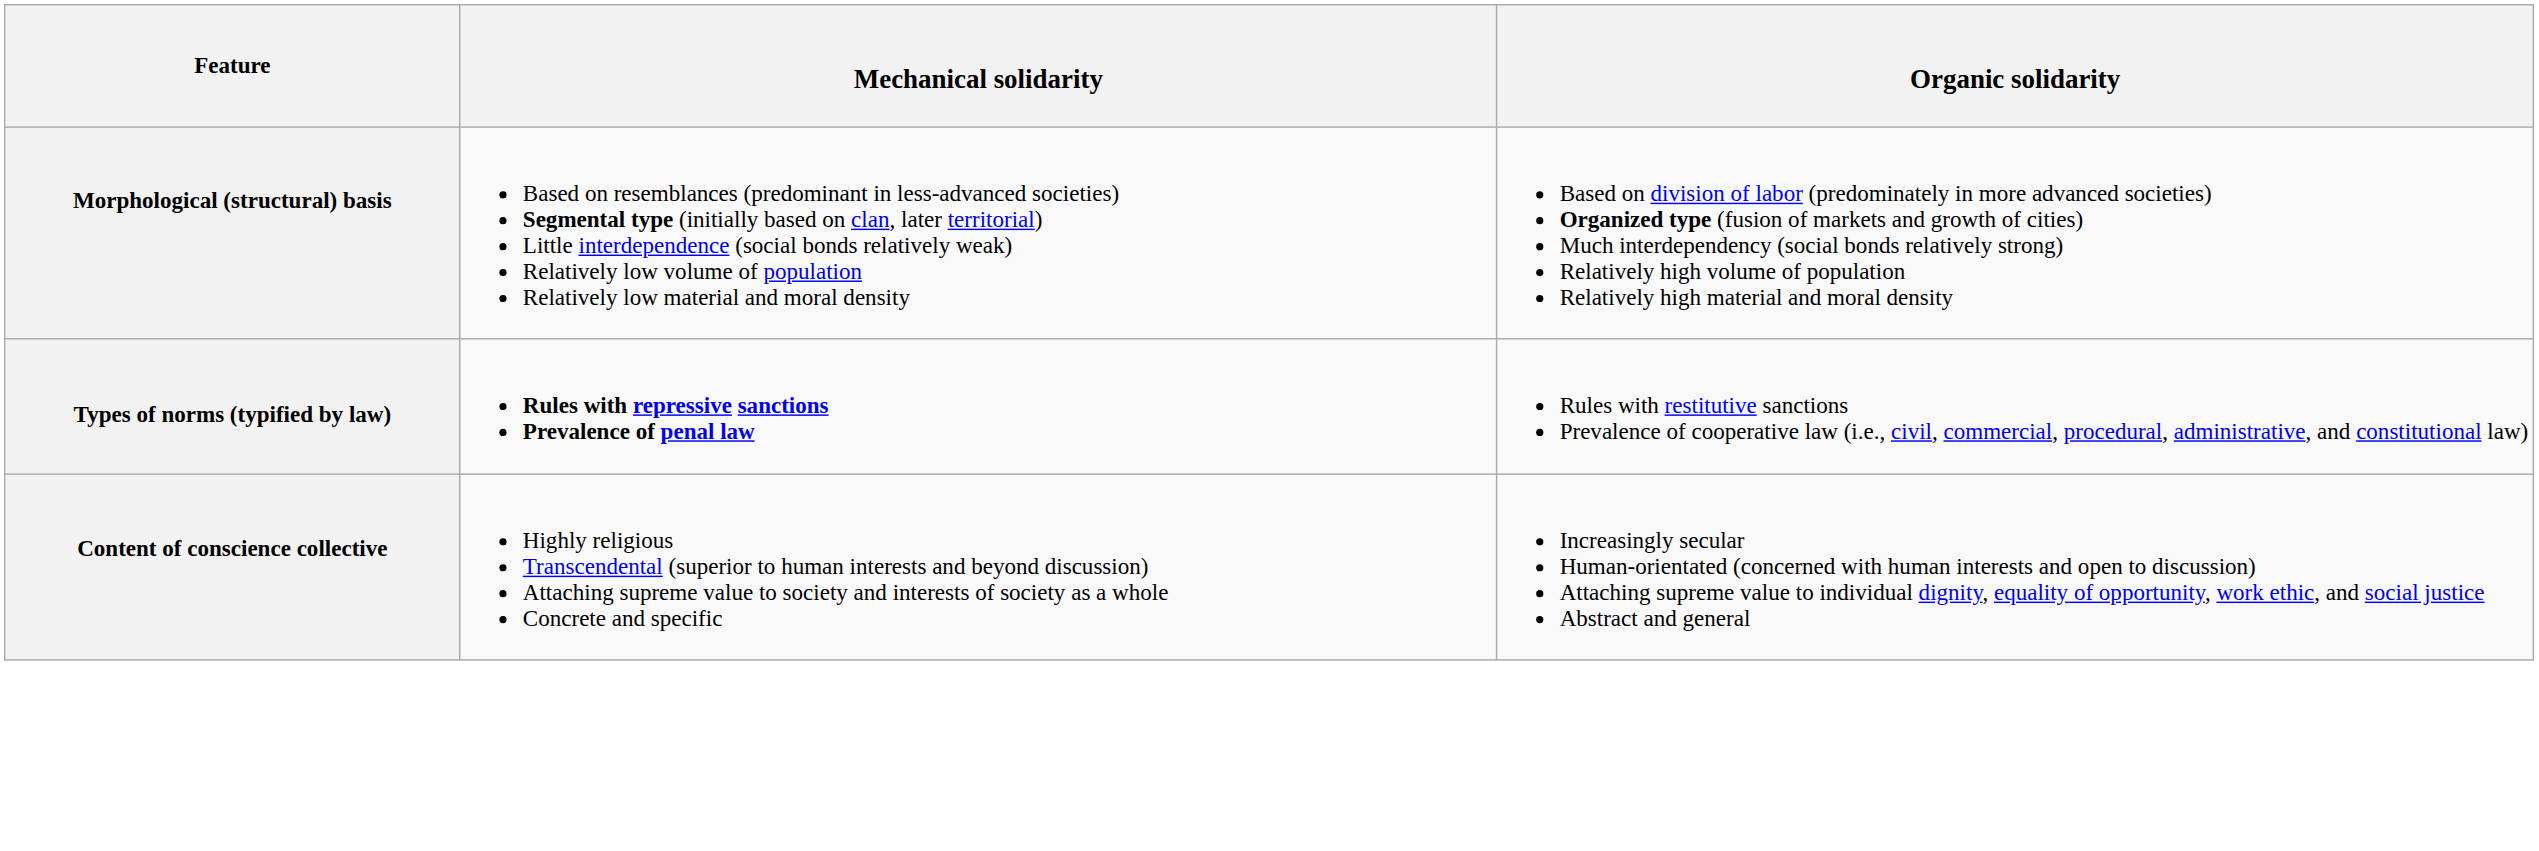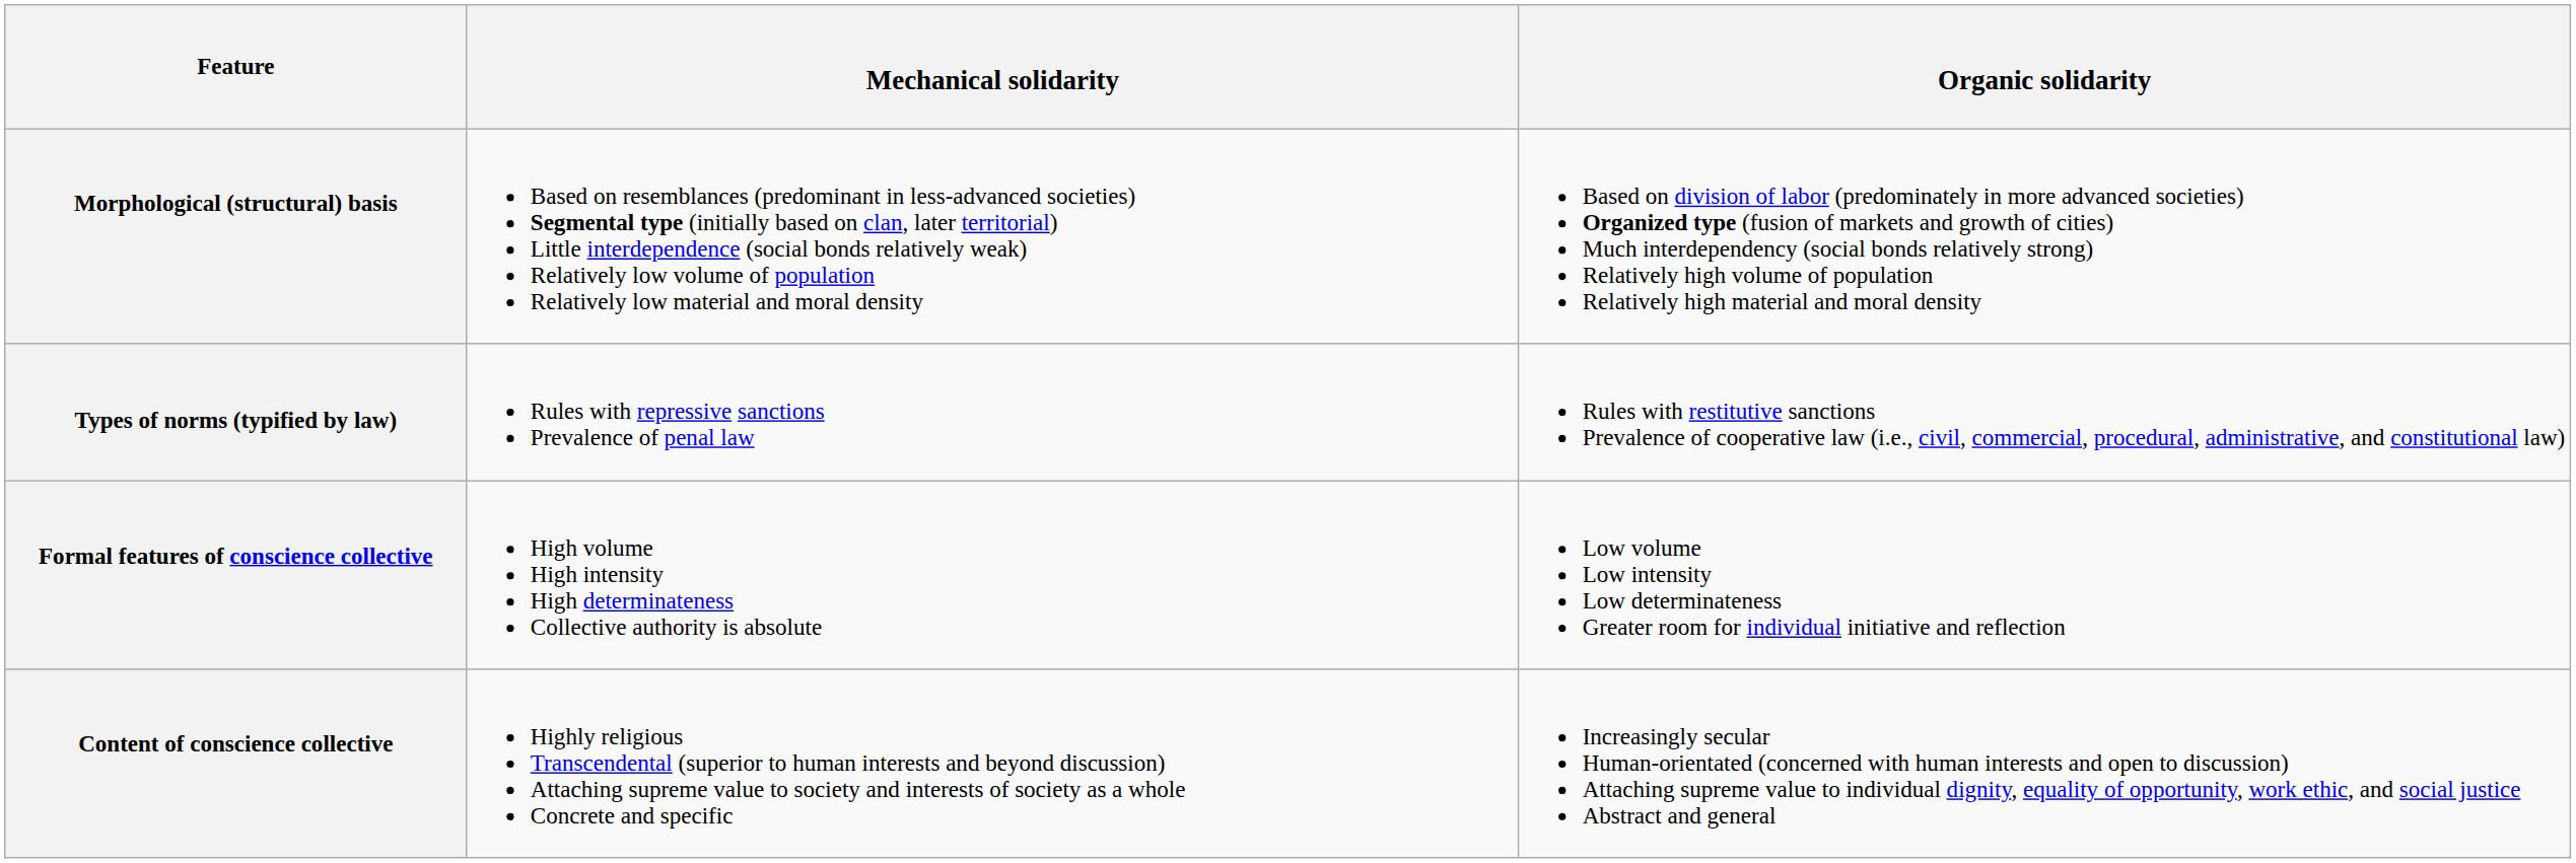 <table class="wikitable">
 <tr>
 <th width="18%">Feature</th>
 <th width="41%"><br><h3>Mechanical  solidarity</h3></th>
 <th width="41%"><br><h3>Organic solidarity</h3></th>
 </tr>
 <tr valign="top">
 <th><br><h4>Morphological (structural) basis</h4></th>
 <td><br><ul><li>Based on resemblances (predominant in less-advanced societies)</li><li><strong>Segmental type</strong> (initially based on <a href='#'>clan</a>, later <a href='#'>territorial</a>)</li><li>Little <a href='#'>interdependence</a> (social bonds relatively weak)</li><li>Relatively low volume of <a href='#'>population</a></li><li>Relatively low material and moral density</li></ul></td>
 <td><br><ul><li>Based on <a href='#'>division of labor</a> (predominately in more advanced societies)</li><li><strong>Organized type</strong> (fusion of markets and growth of cities)</li><li>Much interdependency (social bonds relatively strong)</li><li>Relatively high volume of population</li><li>Relatively high material and moral density</li></ul></td>
 </tr>
 <tr valign="top">
 <th><br><h4>Types of norms (typified by law)</h4></th>
-<td><strong><br><ul><li>Rules with <a href='#'>repressive</a> <a href='#'>sanctions</a></li><li>Prevalence of <a href='#'>penal law</a></li></ul></strong></td>
+<td><br><ul><li>Rules with <a href='#'>repressive</a> <a href='#'>sanctions</a></li><li>Prevalence of <a href='#'>penal law</a></li></ul></td>
 <td><br><ul><li>Rules with <a href='#'>restitutive</a> sanctions</li><li>Prevalence of cooperative law (i.e., <a href='#'>civil</a>, <a href='#'>commercial</a>, <a href='#'>procedural</a>, <a href='#'>administrative</a>, and <a href='#'>constitutional</a> law)</li></ul></td>
+</tr>
+<tr valign="top">
+<th><br><h4>Formal features of <a href='#'>conscience collective</a></h4></th>
+<td><br><ul><li>High volume</li><li>High intensity</li><li>High <a href='#'>determinateness</a></li><li>Collective authority is absolute</li></ul></td>
+<td><br><ul><li>Low volume</li><li>Low intensity</li><li>Low determinateness</li><li>Greater room for <a href='#'>individual</a> initiative and reflection</li></ul></td>
 </tr>
 <tr valign="top">
 <th><br><h4>Content of conscience collective</h4></th>
 <td><br><ul><li>Highly religious</li><li><a href='#'>Transcendental</a> (superior to human interests and beyond discussion)</li><li>Attaching supreme value to society and interests of society as a whole</li><li>Concrete and specific</li></ul></td>
 <td><br><ul><li>Increasingly secular</li><li>Human-orientated (concerned with human interests and open to discussion)</li><li>Attaching supreme value to individual <a href='#'>dignity</a>, <a href='#'>equality of opportunity</a>, <a href='#'>work ethic</a>, and <a href='#'>social justice</a></li><li>Abstract and general</li></ul></td>
 </tr>
 </table>
